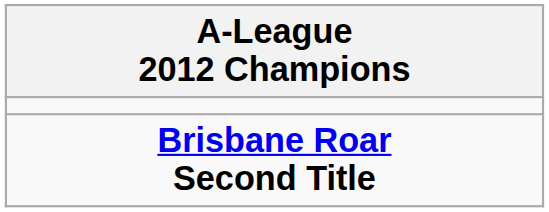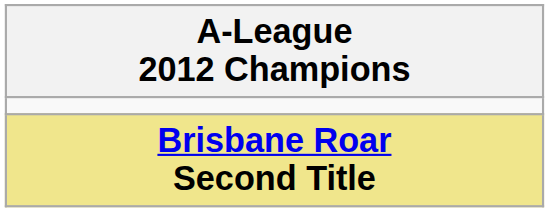 <table class="wikitable" style="text-align: center; margin: 0 auto; width: 20%">
 <tr>
 <th>A-League<br>2012 Champions</th>
 </tr>
 <tr>
 <td></td>
 </tr>
 <tr>
-<td><strong><a href='#'>Brisbane Roar</a></strong><br><strong>Second Title</strong></td>
+<td style="background: khaki;"><strong><a href='#'>Brisbane Roar</a></strong><br><strong>Second Title</strong></td>
 </tr>
 </table>
